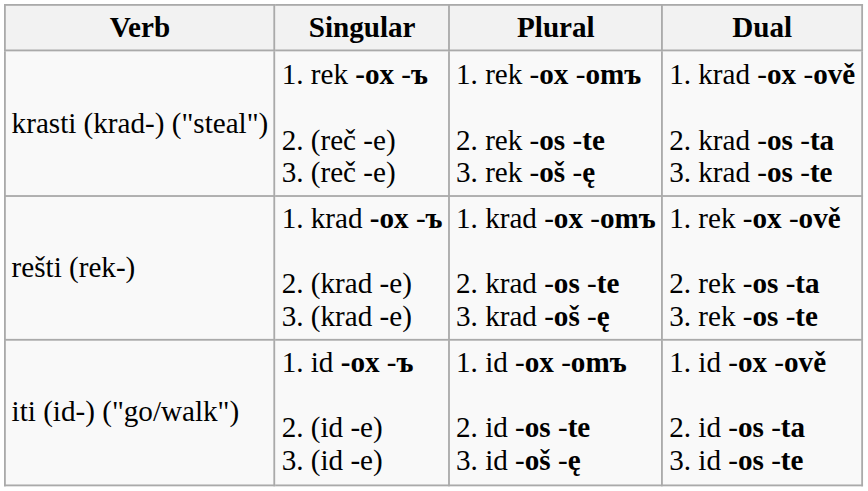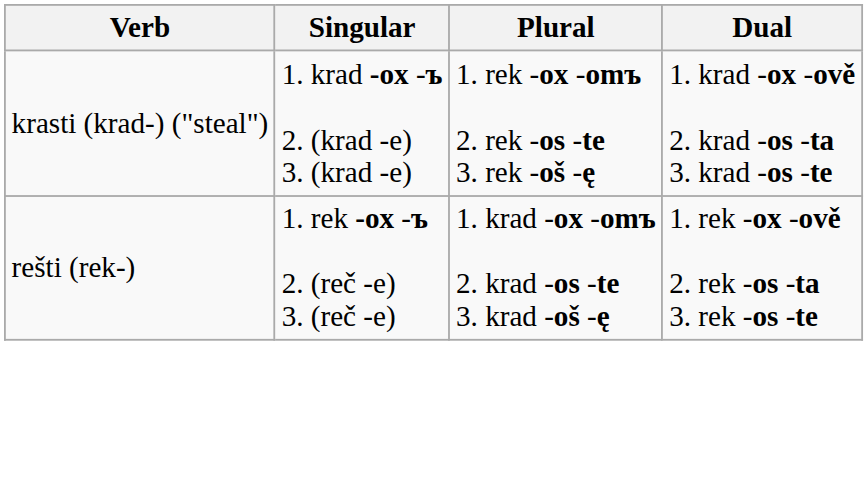 <table class="wikitable">
 <tr>
 <th>Verb</th>
 <th>Singular</th>
 <th>Plural</th>
 <th>Dual</th>
 </tr>
 <tr>
 <td>krasti (krad-) ("steal")</td>
-<td>1. rek <strong>-ox</strong> -<strong>ъ</strong><br><br>2. (reč -e)<br> 3. (reč -e)</td>
+<td>1. krad <strong>-ox</strong> -<strong>ъ</strong><br><br>2. (krad -e)<br> 3. (krad -e)</td>
 <td>1. rek -<strong>ox</strong> -<strong>omъ</strong><br><br>2. rek -<strong>os</strong> -<strong>te</strong><br> 3. rek -<strong>oš</strong> -<strong>ę</strong></td>
 <td>1. krad -<strong>ox</strong> -<strong>ově</strong><br><br>2. krad -<strong>os</strong> -<strong>ta</strong><br> 3. krad -<strong>os</strong> -<strong>te</strong></td>
 </tr>
 <tr>
 <td>rešti (rek-)</td>
-<td>1. krad <strong>-ox</strong> -<strong>ъ</strong><br><br>2. (krad -e)<br> 3. (krad -e)</td>
+<td>1. rek <strong>-ox</strong> -<strong>ъ</strong><br><br>2. (reč -e)<br> 3. (reč -e)</td>
 <td>1. krad -<strong>ox</strong> -<strong>omъ</strong><br><br>2. krad -<strong>os</strong> -<strong>te</strong><br> 3. krad -<strong>oš</strong> -<strong>ę</strong></td>
 <td>1. rek -<strong>ox</strong> -<strong>ově</strong><br><br>2. rek -<strong>os</strong> -<strong>ta</strong><br> 3. rek -<strong>os</strong> -<strong>te</strong></td>
 </tr>
-<tr>
-<td>iti (id-) ("go/walk")</td>
-<td>1. id <strong>-ox</strong> -<strong>ъ</strong><br><br>2. (id -e)<br> 3. (id -e)</td>
-<td>1. id -<strong>ox</strong> -<strong>omъ</strong><br><br>2. id -<strong>os</strong> -<strong>te</strong><br> 3. id -<strong>oš</strong> -<strong>ę</strong></td>
-<td>1. id -<strong>ox</strong> -<strong>ově</strong><br><br>2. id -<strong>os</strong> -<strong>ta</strong><br> 3. id -<strong>os</strong> -<strong>te</strong></td>
-</tr>
 </table>
